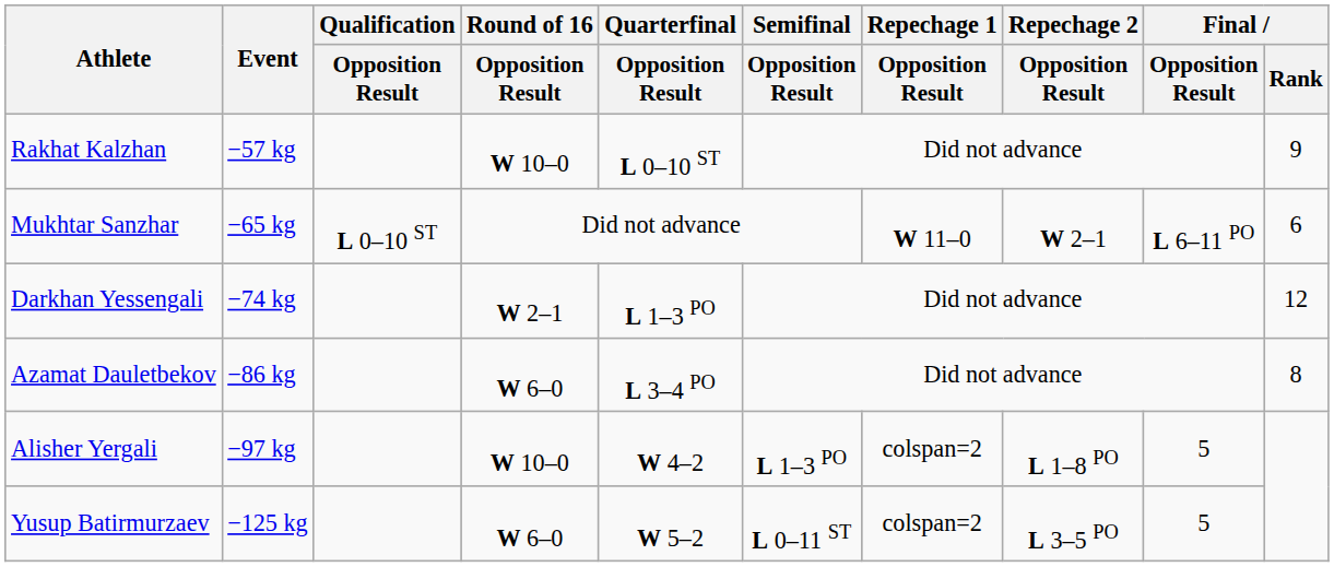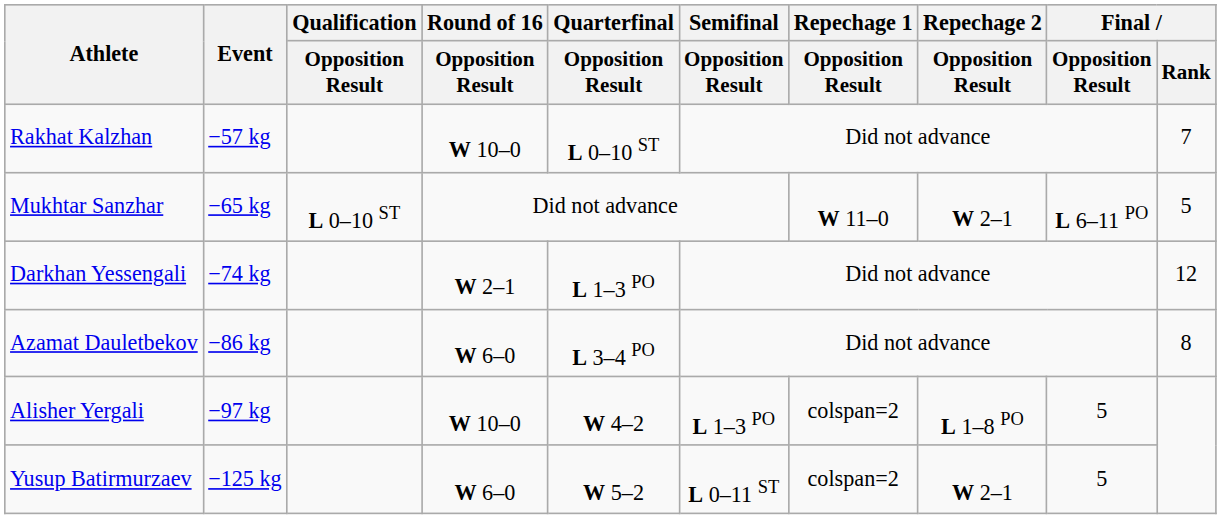 <table class=wikitable style=font-size:85%;text-align:center>
 <tr>
 <th rowspan="2">Athlete</th>
 <th rowspan="2">Event</th>
 <th>Qualification</th>
 <th>Round of 16</th>
 <th>Quarterfinal</th>
 <th>Semifinal</th>
 <th>Repechage 1</th>
 <th>Repechage 2</th>
 <th colspan=2>Final / </th>
 </tr>
 <tr style="font-size: 95%">
 <th>Opposition<br>Result</th>
 <th>Opposition<br>Result</th>
 <th>Opposition<br>Result</th>
 <th>Opposition<br>Result</th>
 <th>Opposition<br>Result</th>
 <th>Opposition<br>Result</th>
 <th>Opposition<br>Result</th>
 <th>Rank</th>
 </tr>
 <tr>
 <td align=left><a href='#'>Rakhat Kalzhan</a></td>
 <td align=left><a href='#'>−57 kg</a></td>
 <td></td>
 <td><br><strong>W</strong> 10–0</td>
 <td><br><strong>L</strong> 0–10 <sup>ST</sup></td>
 <td colspan=4>Did not advance</td>
-<td>9</td>
+<td>7</td>
 </tr>
 <tr>
 <td align=left><a href='#'>Mukhtar Sanzhar</a></td>
 <td align=left><a href='#'>−65 kg</a></td>
 <td><br><strong>L</strong> 0–10 <sup>ST</sup></td>
 <td colspan=3>Did not advance</td>
 <td><br><strong>W</strong> 11–0</td>
 <td><br><strong>W</strong> 2–1</td>
 <td><br><strong>L</strong> 6–11 <sup>PO</sup></td>
-<td>6</td>
+<td>5</td>
 </tr>
 <tr>
 <td align=left><a href='#'>Darkhan Yessengali</a></td>
 <td align=left><a href='#'>−74 kg</a></td>
 <td></td>
 <td><br><strong>W</strong> 2–1</td>
 <td><br><strong>L</strong> 1–3 <sup>PO</sup></td>
 <td colspan=4>Did not advance</td>
 <td>12</td>
 </tr>
 <tr>
 <td align=left><a href='#'>Azamat Dauletbekov</a></td>
 <td align=left><a href='#'>−86 kg</a></td>
 <td></td>
 <td><br><strong>W</strong> 6–0</td>
 <td><br><strong>L</strong> 3–4 <sup>PO</sup></td>
 <td colspan=4>Did not advance</td>
 <td>8</td>
 </tr>
 <tr>
 <td align=left><a href='#'>Alisher Yergali</a></td>
 <td align=left><a href='#'>−97 kg</a></td>
 <td></td>
 <td><br><strong>W</strong> 10–0</td>
 <td><br><strong>W</strong> 4–2</td>
 <td><br><strong>L</strong> 1–3 <sup>PO</sup></td>
 <td>colspan=2 </td>
 <td><br><strong>L</strong> 1–8 <sup>PO</sup></td>
 <td>5</td>
 </tr>
 <tr>
 <td align=left><a href='#'>Yusup Batirmurzaev</a></td>
 <td align=left><a href='#'>−125 kg</a></td>
 <td></td>
 <td><br><strong>W</strong> 6–0</td>
 <td><br><strong>W</strong> 5–2</td>
 <td><br><strong>L</strong> 0–11 <sup>ST</sup></td>
 <td>colspan=2 </td>
-<td><br><strong>L</strong> 3–5 <sup>PO</sup></td>
+<td><br><strong>W</strong> 2–1</td>
 <td>5</td>
 </tr>
 </table>
